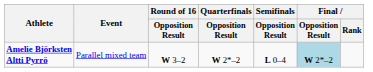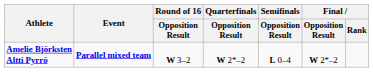 <table class="wikitable" style="font-size:90%">
 <tr>
 <th rowspan="2">Athlete</th>
 <th rowspan="2">Event</th>
 <th>Round of 16</th>
 <th>Quarterfinals</th>
 <th>Semifinals</th>
 <th colspan=2>Final / </th>
 </tr>
 <tr style="font-size:95%">
 <th>Opposition<br>Result</th>
 <th>Opposition<br>Result</th>
 <th>Opposition<br>Result</th>
 <th>Opposition<br>Result</th>
 <th>Rank</th>
 </tr>
 <tr align=center>
 <td align=left><strong><a href='#'>Amelie Björksten</a><br><a href='#'>Altti Pyrrö</a></strong></td>
-<td align=left><a href='#'>Parallel mixed team</a></td>
+<td align=left><strong><a href='#'>Parallel mixed team</a></strong></td>
 <td><br><strong>W</strong> 3–2</td>
 <td><br><strong>W</strong> 2*–2</td>
 <td><br><strong>L</strong> 0–4</td>
-<td style="background: lightblue;"><br><strong>W</strong> 2*–2</td>
+<td><br><strong>W</strong> 2*–2</td>
 <td></td>
 </tr>
 </table>
